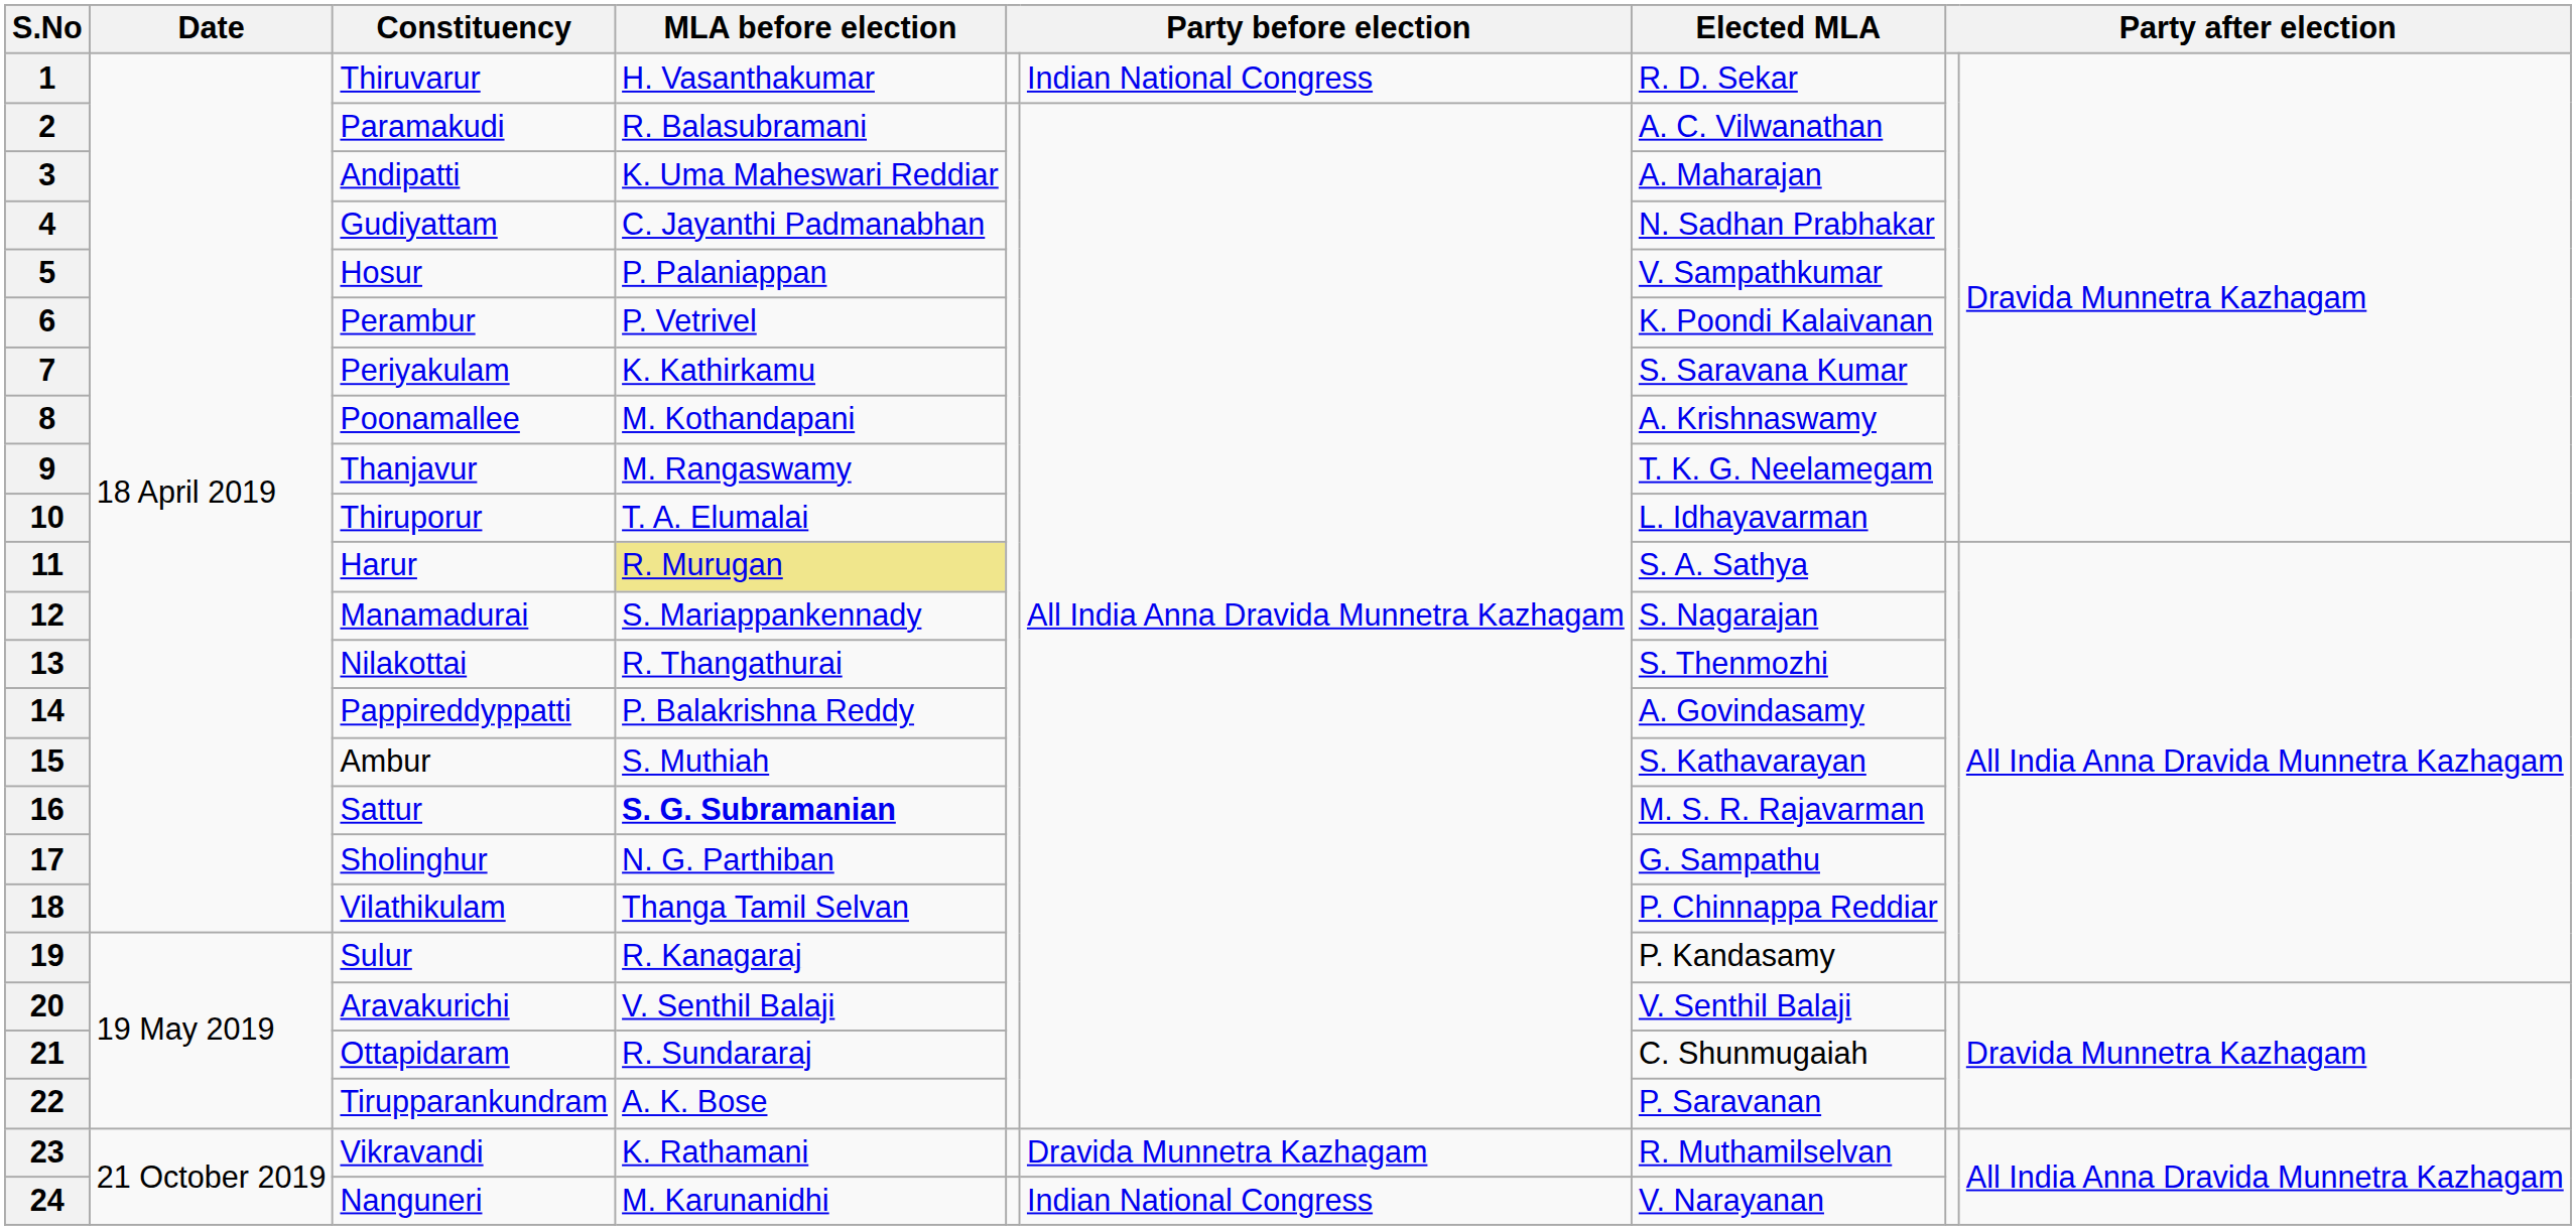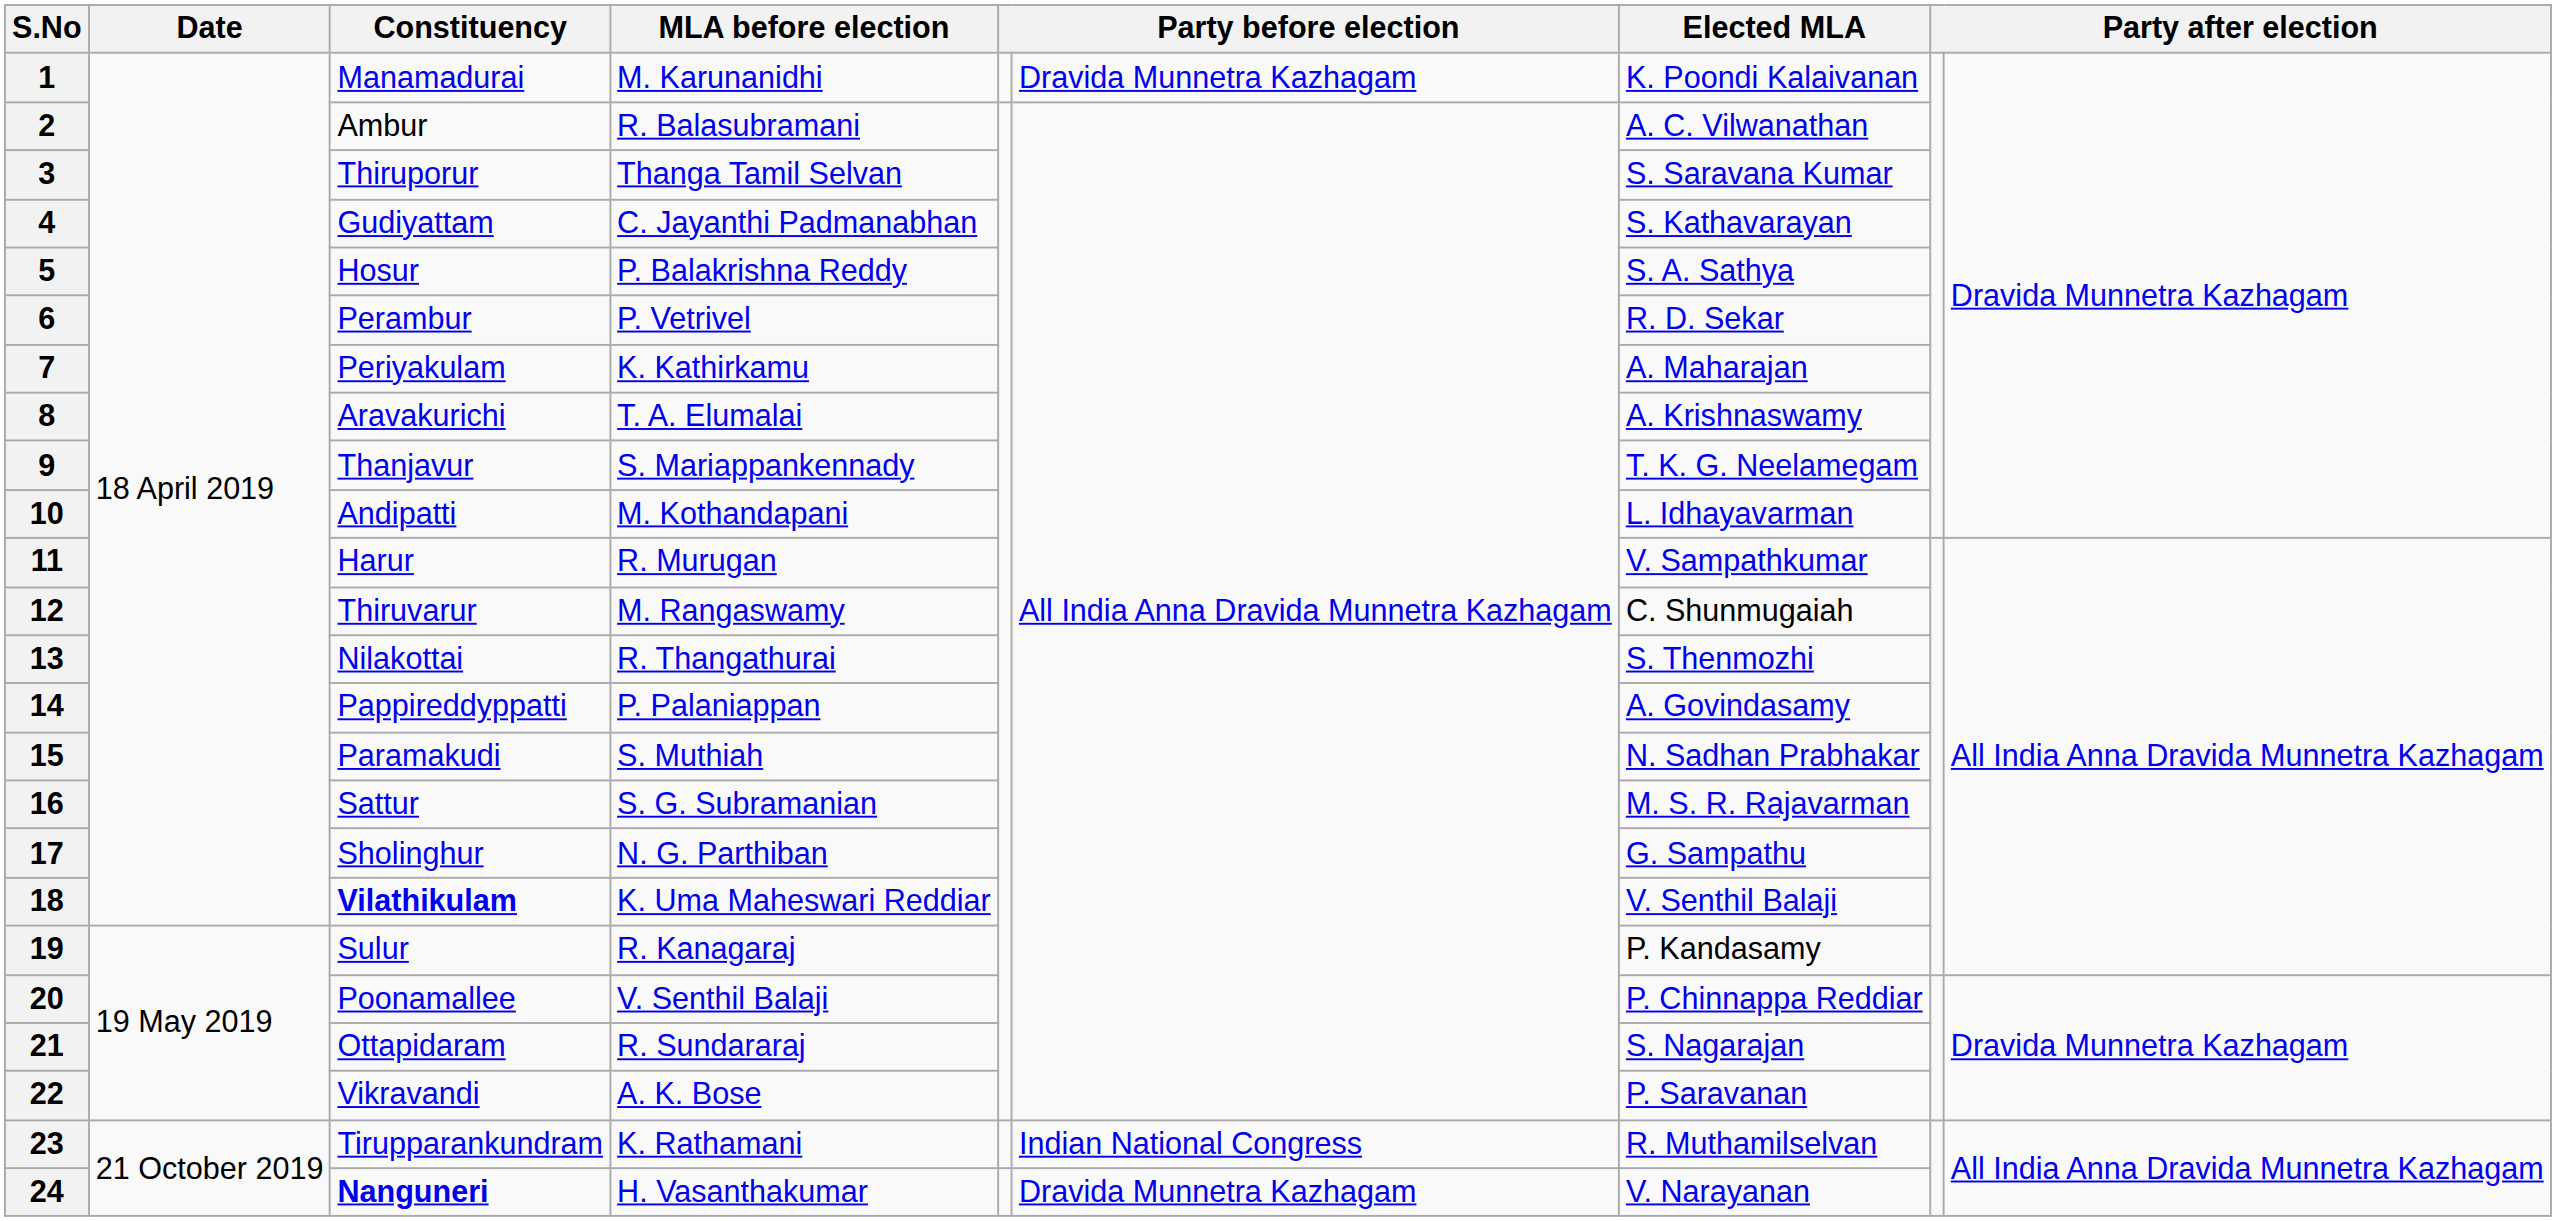 <table class="wikitable sortable">
 <tr>
 <th>S.No</th>
 <th>Date</th>
 <th>Constituency</th>
 <th>MLA before election</th>
 <th colspan="2">Party before election</th>
 <th>Elected MLA</th>
 <th colspan="2">Party after election</th>
 </tr>
 <tr>
 <th>1</th>
 <td rowspan="18">18 April 2019</td>
-<td><a href='#'>Thiruvarur</a></td>
-<td><a href='#'>H. Vasanthakumar</a></td>
+<td><a href='#'>Manamadurai</a></td>
+<td><a href='#'>M. Karunanidhi</a></td>
 <td></td>
-<td><a href='#'>Indian National Congress</a></td>
-<td><a href='#'>R. D. Sekar</a></td>
+<td><a href='#'>Dravida Munnetra Kazhagam</a></td>
+<td><a href='#'>K. Poondi Kalaivanan</a></td>
 <td rowspan="10"></td>
 <td rowspan="10"><a href='#'>Dravida Munnetra Kazhagam</a></td>
 </tr>
 <tr>
 <th>2</th>
-<td><a href='#'>Paramakudi</a></td>
+<td>Ambur</td>
 <td><a href='#'>R. Balasubramani</a></td>
 <td rowspan="21"></td>
 <td rowspan="21"><a href='#'>All India Anna Dravida Munnetra Kazhagam</a></td>
 <td><a href='#'>A. C. Vilwanathan</a></td>
 </tr>
 <tr>
 <th>3</th>
-<td><a href='#'>Andipatti</a></td>
-<td><a href='#'>K. Uma Maheswari Reddiar</a></td>
-<td><a href='#'>A. Maharajan</a></td>
+<td><a href='#'>Thiruporur</a></td>
+<td><a href='#'>Thanga Tamil Selvan</a></td>
+<td><a href='#'>S. Saravana Kumar</a></td>
 </tr>
 <tr>
 <th>4</th>
 <td><a href='#'>Gudiyattam</a></td>
 <td><a href='#'>C. Jayanthi Padmanabhan</a></td>
-<td><a href='#'>N. Sadhan Prabhakar</a></td>
+<td><a href='#'>S. Kathavarayan</a></td>
 </tr>
 <tr>
 <th>5</th>
 <td><a href='#'>Hosur</a></td>
-<td><a href='#'>P. Palaniappan</a></td>
-<td><a href='#'>V. Sampathkumar</a></td>
+<td><a href='#'>P. Balakrishna Reddy</a></td>
+<td><a href='#'>S. A. Sathya</a></td>
 </tr>
 <tr>
 <th>6</th>
 <td><a href='#'>Perambur</a></td>
 <td><a href='#'>P. Vetrivel</a></td>
-<td><a href='#'>K. Poondi Kalaivanan</a></td>
+<td><a href='#'>R. D. Sekar</a></td>
 </tr>
 <tr>
 <th>7</th>
 <td><a href='#'>Periyakulam</a></td>
 <td><a href='#'>K. Kathirkamu</a></td>
-<td><a href='#'>S. Saravana Kumar</a></td>
+<td><a href='#'>A. Maharajan</a></td>
 </tr>
 <tr>
 <th>8</th>
-<td><a href='#'>Poonamallee</a></td>
-<td><a href='#'>M. Kothandapani</a></td>
+<td><a href='#'>Aravakurichi</a></td>
+<td><a href='#'>T. A. Elumalai</a></td>
 <td><a href='#'>A. Krishnaswamy</a></td>
 </tr>
 <tr>
 <th>9</th>
 <td><a href='#'>Thanjavur</a></td>
-<td><a href='#'>M. Rangaswamy</a></td>
+<td><a href='#'>S. Mariappankennady</a></td>
 <td><a href='#'>T. K. G. Neelamegam</a></td>
 </tr>
 <tr>
 <th>10</th>
-<td><a href='#'>Thiruporur</a></td>
-<td><a href='#'>T. A. Elumalai</a></td>
+<td><a href='#'>Andipatti</a></td>
+<td><a href='#'>M. Kothandapani</a></td>
 <td><a href='#'>L. Idhayavarman</a></td>
 </tr>
 <tr>
 <th>11</th>
 <td><a href='#'>Harur</a></td>
-<td style="background: khaki;"><a href='#'>R. Murugan</a></td>
-<td><a href='#'>S. A. Sathya</a></td>
+<td><a href='#'>R. Murugan</a></td>
+<td><a href='#'>V. Sampathkumar</a></td>
 <td rowspan="9"></td>
 <td rowspan="9"><a href='#'>All India Anna Dravida Munnetra Kazhagam</a></td>
 </tr>
 <tr>
 <th>12</th>
-<td><a href='#'>Manamadurai</a></td>
-<td><a href='#'>S. Mariappankennady</a></td>
-<td><a href='#'>S. Nagarajan</a></td>
+<td><a href='#'>Thiruvarur</a></td>
+<td><a href='#'>M. Rangaswamy</a></td>
+<td>C. Shunmugaiah</td>
 </tr>
 <tr>
 <th>13</th>
 <td><a href='#'>Nilakottai</a></td>
 <td><a href='#'>R. Thangathurai</a></td>
 <td><a href='#'>S. Thenmozhi</a></td>
 </tr>
 <tr>
 <th>14</th>
 <td><a href='#'>Pappireddyppatti</a></td>
-<td><a href='#'>P. Balakrishna Reddy</a></td>
+<td><a href='#'>P. Palaniappan</a></td>
 <td><a href='#'>A. Govindasamy</a></td>
 </tr>
 <tr>
 <th>15</th>
-<td>Ambur</td>
+<td><a href='#'>Paramakudi</a></td>
 <td><a href='#'>S. Muthiah</a></td>
-<td><a href='#'>S. Kathavarayan</a></td>
+<td><a href='#'>N. Sadhan Prabhakar</a></td>
 </tr>
 <tr>
 <th>16</th>
 <td><a href='#'>Sattur</a></td>
-<td><strong><a href='#'>S. G. Subramanian</a></strong></td>
+<td><a href='#'>S. G. Subramanian</a></td>
 <td><a href='#'>M. S. R. Rajavarman</a></td>
 </tr>
 <tr>
 <th>17</th>
 <td><a href='#'>Sholinghur</a></td>
 <td><a href='#'>N. G. Parthiban</a></td>
 <td><a href='#'>G. Sampathu</a></td>
 </tr>
 <tr>
 <th>18</th>
-<td><a href='#'>Vilathikulam</a></td>
-<td><a href='#'>Thanga Tamil Selvan</a></td>
-<td><a href='#'>P. Chinnappa Reddiar</a></td>
+<td><strong><a href='#'>Vilathikulam</a></strong></td>
+<td><a href='#'>K. Uma Maheswari Reddiar</a></td>
+<td><a href='#'>V. Senthil Balaji</a></td>
 </tr>
 <tr>
 <th>19</th>
 <td rowspan="4">19 May 2019</td>
 <td><a href='#'>Sulur</a></td>
 <td><a href='#'>R. Kanagaraj</a></td>
 <td>P. Kandasamy</td>
 </tr>
 <tr>
 <th>20</th>
-<td><a href='#'>Aravakurichi</a></td>
+<td><a href='#'>Poonamallee</a></td>
 <td><a href='#'>V. Senthil Balaji</a></td>
-<td><a href='#'>V. Senthil Balaji</a></td>
+<td><a href='#'>P. Chinnappa Reddiar</a></td>
 <td rowspan="3"></td>
 <td rowspan="3"><a href='#'>Dravida Munnetra Kazhagam</a></td>
 </tr>
 <tr>
 <th>21</th>
 <td><a href='#'>Ottapidaram</a></td>
 <td><a href='#'>R. Sundararaj</a></td>
-<td>C. Shunmugaiah</td>
+<td><a href='#'>S. Nagarajan</a></td>
 </tr>
 <tr>
 <th>22</th>
-<td><a href='#'>Tirupparankundram</a></td>
+<td><a href='#'>Vikravandi</a></td>
 <td><a href='#'>A. K. Bose</a></td>
 <td><a href='#'>P. Saravanan</a></td>
 </tr>
 <tr>
 <th>23</th>
 <td rowspan="2">21 October 2019</td>
-<td><a href='#'>Vikravandi</a></td>
+<td><a href='#'>Tirupparankundram</a></td>
 <td><a href='#'>K. Rathamani</a></td>
 <td></td>
-<td><a href='#'>Dravida Munnetra Kazhagam</a></td>
+<td><a href='#'>Indian National Congress</a></td>
 <td><a href='#'>R. Muthamilselvan</a></td>
 <td rowspan="2"></td>
 <td rowspan="2"><a href='#'>All India Anna Dravida Munnetra Kazhagam</a></td>
 </tr>
 <tr>
 <th>24</th>
-<td><a href='#'>Nanguneri</a></td>
-<td><a href='#'>M. Karunanidhi</a></td>
+<td><strong><a href='#'>Nanguneri</a></strong></td>
+<td><a href='#'>H. Vasanthakumar</a></td>
 <td></td>
-<td><a href='#'>Indian National Congress</a></td>
+<td><a href='#'>Dravida Munnetra Kazhagam</a></td>
 <td><a href='#'>V. Narayanan</a></td>
 </tr>
 </table>
